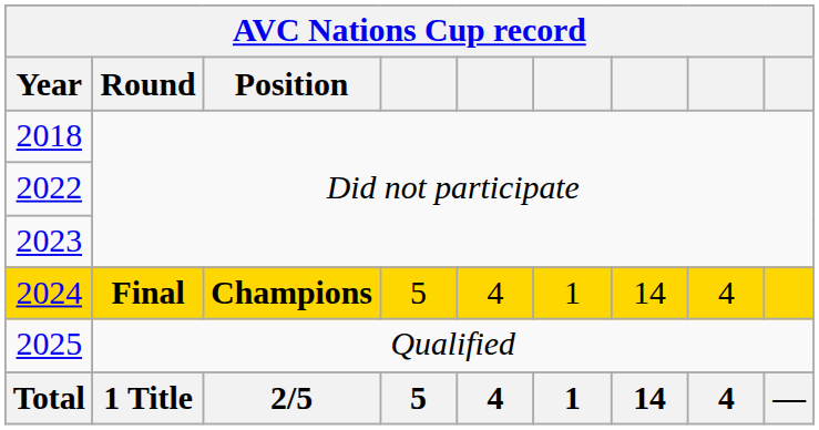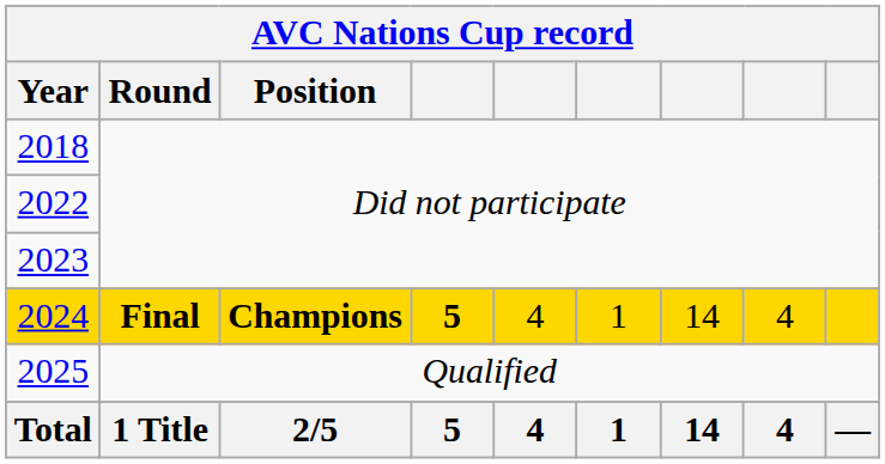 <table class="wikitable" style="text-align: center;">
 <tr>
 <th colspan=10><a href='#'>AVC Nations Cup record</a></th>
 </tr>
 <tr>
 <th>Year</th>
 <th>Round</th>
 <th>Position</th>
 <th width=30></th>
 <th width=30></th>
 <th width=30></th>
 <th width=30></th>
 <th width=30></th>
 <th></th>
 </tr>
 <tr>
 <td> <a href='#'>2018</a></td>
 <td rowspan=3 colspan=8><em>Did not participate</em></td>
 </tr>
 <tr>
 <td> <a href='#'>2022</a></td>
 </tr>
 <tr>
 <td> <a href='#'>2023</a></td>
 </tr>
 <tr bgcolor=gold>
 <td> <a href='#'>2024</a></td>
 <td><strong>Final</strong></td>
 <td> <strong>Champions</strong></td>
-<td>5</td>
+<td><strong>5</strong></td>
 <td>4</td>
 <td>1</td>
 <td>14</td>
 <td>4</td>
 <td></td>
 </tr>
 <tr>
 <td> <a href='#'>2025</a></td>
 <td colspan=8><em>Qualified</em></td>
 </tr>
 <tr>
 <th>Total</th>
 <th>1 Title</th>
 <th>2/5</th>
 <th>5</th>
 <th>4</th>
 <th>1</th>
 <th>14</th>
 <th>4</th>
 <th>—</th>
 </tr>
 </table>
